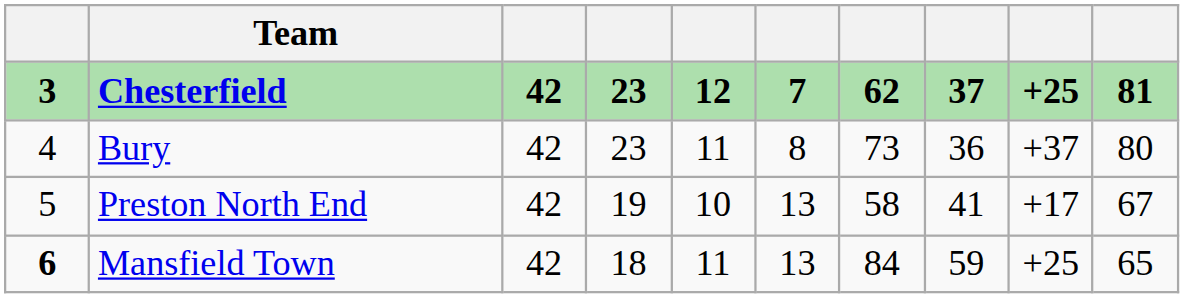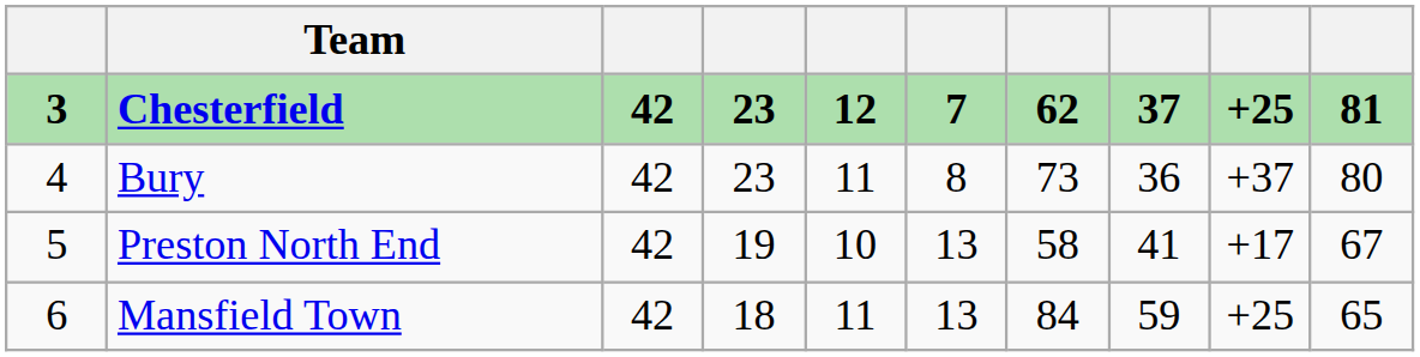 <table class="wikitable" style="text-align:center">
 <tr>
 <th width="30"></th>
 <th width="175">Team</th>
 <th width="30"></th>
 <th width="30"></th>
 <th width="30"></th>
 <th width="30"></th>
 <th width="30"></th>
 <th width="30"></th>
 <th width="30"></th>
 <th width="30"></th>
 </tr>
 <tr bgcolor=#ADDFAD>
 <td><strong>3</strong></td>
 <td align=left><strong><a href='#'>Chesterfield</a></strong></td>
 <td><strong>42</strong></td>
 <td><strong>23</strong></td>
 <td><strong>12</strong></td>
 <td><strong>7</strong></td>
 <td><strong>62</strong></td>
 <td><strong>37</strong></td>
 <td><strong>+25</strong></td>
 <td><strong>81</strong></td>
 </tr>
 <tr>
 <td>4</td>
 <td align=left><a href='#'>Bury</a></td>
 <td>42</td>
 <td>23</td>
 <td>11</td>
 <td>8</td>
 <td>73</td>
 <td>36</td>
 <td>+37</td>
 <td>80</td>
 </tr>
 <tr>
 <td>5</td>
 <td align=left><a href='#'>Preston North End</a></td>
 <td>42</td>
 <td>19</td>
 <td>10</td>
 <td>13</td>
 <td>58</td>
 <td>41</td>
 <td>+17</td>
 <td>67</td>
 </tr>
 <tr>
-<td><strong>6</strong></td>
+<td>6</td>
 <td align=left><a href='#'>Mansfield Town</a></td>
 <td>42</td>
 <td>18</td>
 <td>11</td>
 <td>13</td>
 <td>84</td>
 <td>59</td>
 <td>+25</td>
 <td>65</td>
 </tr>
 </table>
